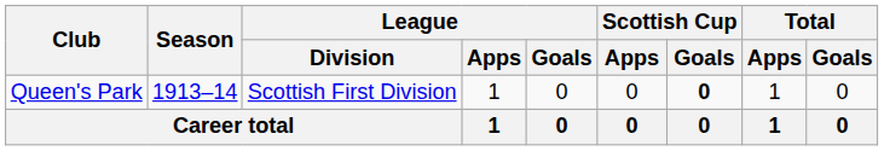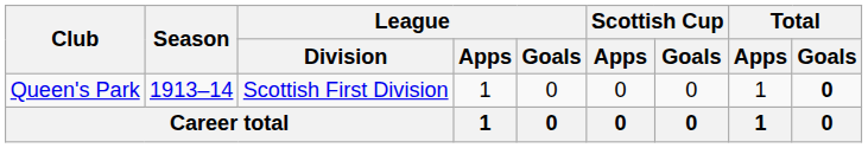 <table class="wikitable" style="text-align: center;">
 <tr>
 <th rowspan="2">Club</th>
 <th rowspan="2">Season</th>
 <th colspan="3">League</th>
 <th colspan="2">Scottish Cup</th>
 <th colspan="2">Total</th>
 </tr>
 <tr>
 <th>Division</th>
 <th>Apps</th>
 <th>Goals</th>
 <th>Apps</th>
 <th>Goals</th>
 <th>Apps</th>
 <th>Goals</th>
 </tr>
 <tr>
 <td><a href='#'>Queen's Park</a></td>
 <td><a href='#'>1913–14</a></td>
 <td><a href='#'>Scottish First Division</a></td>
 <td>1</td>
 <td>0</td>
 <td>0</td>
+<td>0</td>
+<td>1</td>
 <td><strong>0</strong></td>
-<td>1</td>
-<td>0</td>
 </tr>
 <tr>
 <th colspan="3">Career total</th>
 <th>1</th>
 <th>0</th>
 <th>0</th>
 <th>0</th>
 <th>1</th>
 <th>0</th>
 </tr>
 </table>
